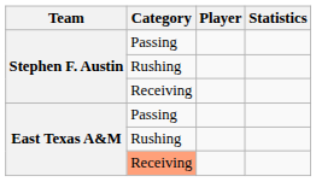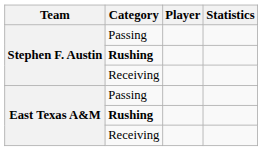 <table class="wikitable" style="float:right">
 <tr>
 <th>Team</th>
 <th>Category</th>
 <th>Player</th>
 <th>Statistics</th>
 </tr>
 <tr>
 <th rowspan=3>Stephen F. Austin</th>
 <td>Passing</td>
 <td></td>
 <td></td>
 </tr>
 <tr>
-<td>Rushing</td>
+<td><strong>Rushing</strong></td>
 <td></td>
 <td></td>
 </tr>
 <tr>
 <td>Receiving</td>
 <td></td>
 <td></td>
 </tr>
 <tr>
 <th rowspan=3>East Texas A&M</th>
 <td>Passing</td>
 <td></td>
 <td></td>
 </tr>
 <tr>
-<td>Rushing</td>
+<td><strong>Rushing</strong></td>
 <td></td>
 <td></td>
 </tr>
 <tr>
-<td style="background: lightsalmon;">Receiving</td>
+<td>Receiving</td>
 <td></td>
 <td></td>
 </tr>
 </table>
